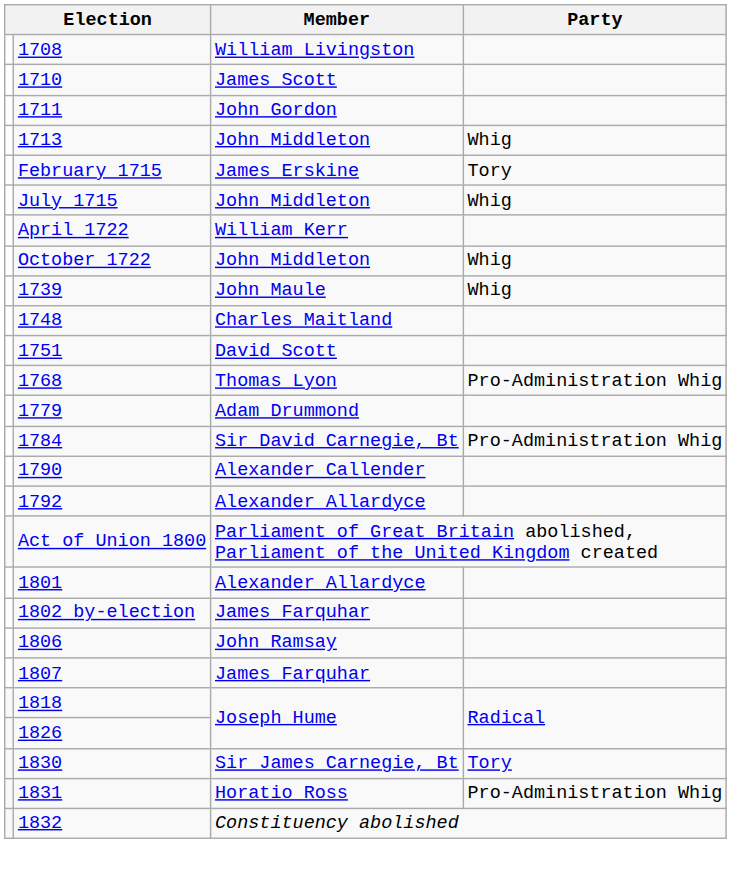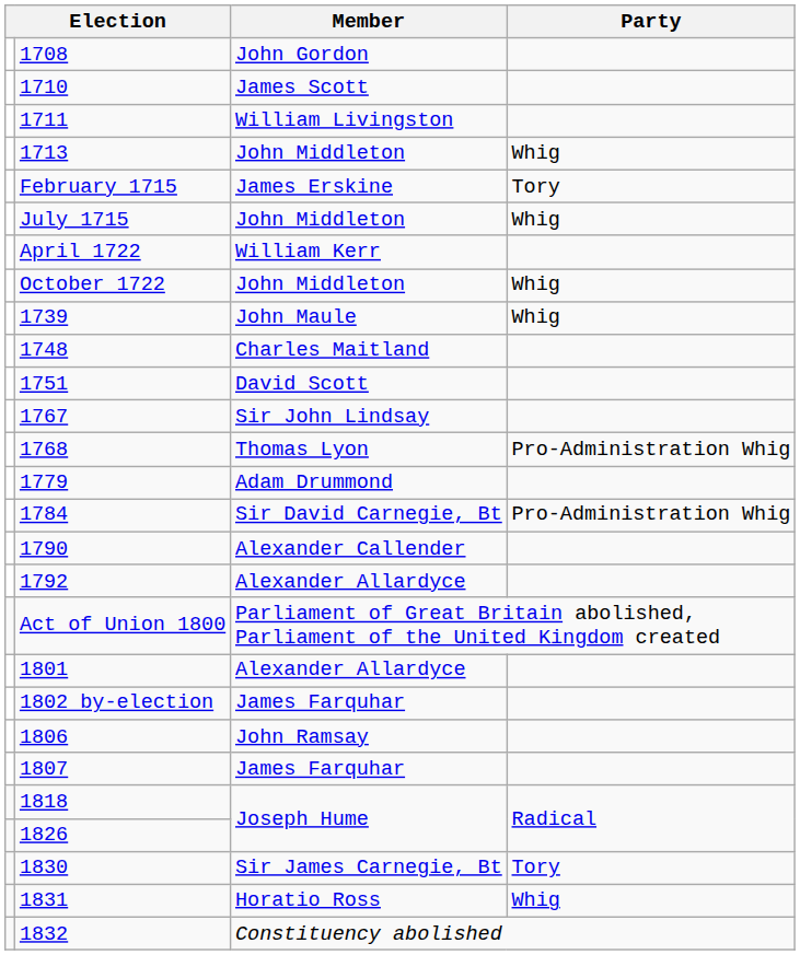 <table class="wikitable">
 <tr>
 <th colspan=2>Election</th>
 <th>Member</th>
 <th>Party</th>
 </tr>
 <tr>
 <td style="color:inherit;background-color: white"></td>
 <td><a href='#'>1708</a></td>
-<td><a href='#'>William Livingston</a></td>
+<td><a href='#'>John Gordon</a></td>
 <td></td>
 </tr>
 <tr>
 <td style="color:inherit;background-color: white"></td>
 <td><a href='#'>1710</a></td>
 <td><a href='#'>James Scott</a></td>
 <td></td>
 </tr>
 <tr>
 <td style="color:inherit;background-color: white"></td>
 <td><a href='#'>1711</a></td>
-<td><a href='#'>John Gordon</a></td>
+<td><a href='#'>William Livingston</a></td>
 <td></td>
 </tr>
 <tr>
 <td style="color:inherit;background-color: white"></td>
 <td><a href='#'>1713</a></td>
 <td><a href='#'>John Middleton</a></td>
 <td>Whig</td>
 </tr>
 <tr>
 <td style="color:inherit;background-color: white"></td>
 <td><a href='#'>February 1715</a></td>
 <td><a href='#'>James Erskine</a></td>
 <td>Tory</td>
 </tr>
 <tr>
 <td style="color:inherit;background-color: white"></td>
 <td><a href='#'>July 1715</a></td>
 <td><a href='#'>John Middleton</a></td>
 <td>Whig</td>
 </tr>
 <tr>
 <td style="color:inherit;background-color: white"></td>
 <td><a href='#'>April 1722</a></td>
 <td><a href='#'>William Kerr</a></td>
 <td></td>
 </tr>
 <tr>
 <td style="color:inherit;background-color: white"></td>
 <td><a href='#'>October 1722</a></td>
 <td><a href='#'>John Middleton</a></td>
 <td>Whig</td>
 </tr>
 <tr>
 <td style="color:inherit;background-color: white"></td>
 <td><a href='#'>1739</a></td>
 <td><a href='#'>John Maule</a></td>
 <td>Whig</td>
 </tr>
 <tr>
 <td style="color:inherit;background-color: white"></td>
 <td><a href='#'>1748</a></td>
 <td><a href='#'>Charles Maitland</a></td>
 <td></td>
 </tr>
 <tr>
 <td style="color:inherit;background-color: white"></td>
 <td><a href='#'>1751</a></td>
 <td><a href='#'>David Scott</a></td>
+<td></td>
+</tr>
+<tr>
+<td style="color:inherit;background-color: white"></td>
+<td><a href='#'>1767</a></td>
+<td><a href='#'>Sir John Lindsay</a></td>
 <td></td>
 </tr>
 <tr>
 <td style="color:inherit;background-color: white"></td>
 <td><a href='#'>1768</a></td>
 <td><a href='#'>Thomas Lyon</a></td>
 <td>Pro-Administration Whig</td>
 </tr>
 <tr>
 <td style="color:inherit;background-color: white"></td>
 <td><a href='#'>1779</a></td>
 <td><a href='#'>Adam Drummond</a></td>
 <td></td>
 </tr>
 <tr>
 <td style="color:inherit;background-color: white"></td>
 <td><a href='#'>1784</a></td>
 <td><a href='#'>Sir David Carnegie, Bt</a></td>
 <td>Pro-Administration Whig</td>
 </tr>
 <tr>
 <td style="color:inherit;background-color: white"></td>
 <td><a href='#'>1790</a></td>
 <td><a href='#'>Alexander Callender</a></td>
 <td></td>
 </tr>
 <tr>
 <td style="color:inherit;background-color: white"></td>
 <td><a href='#'>1792</a></td>
 <td><a href='#'>Alexander Allardyce</a></td>
 <td></td>
 </tr>
 <tr>
 <td></td>
 <td><a href='#'>Act of Union 1800</a></td>
 <td colspan="2"><a href='#'>Parliament of Great Britain</a> abolished,<br><a href='#'>Parliament of the United Kingdom</a> created</td>
 </tr>
 <tr>
 <td style="color:inherit;background-color: white"></td>
 <td><a href='#'>1801</a></td>
 <td><a href='#'>Alexander Allardyce</a></td>
 <td></td>
 </tr>
 <tr>
 <td style="color:inherit;background-color: white"></td>
 <td><a href='#'>1802 by-election</a></td>
 <td><a href='#'>James Farquhar</a></td>
 <td></td>
 </tr>
 <tr>
 <td style="color:inherit;background-color: white"></td>
 <td><a href='#'>1806</a></td>
 <td><a href='#'>John Ramsay</a></td>
 <td></td>
 </tr>
 <tr>
 <td style="color:inherit;background-color: white"></td>
 <td><a href='#'>1807</a></td>
 <td><a href='#'>James Farquhar</a></td>
 <td></td>
 </tr>
 <tr>
 <td style="color:inherit;background-color: "></td>
 <td><a href='#'>1818</a></td>
 <td rowspan="2"><a href='#'>Joseph Hume</a></td>
 <td rowspan="2"><a href='#'>Radical</a></td>
 </tr>
 <tr>
 <td style="color:inherit;background-color: "></td>
 <td><a href='#'>1826</a></td>
 </tr>
 <tr>
 <td style="color:inherit;background-color: "></td>
 <td><a href='#'>1830</a></td>
 <td><a href='#'>Sir James Carnegie, Bt</a></td>
 <td><a href='#'>Tory</a></td>
 </tr>
 <tr>
 <td style="color:inherit;background-color: "></td>
 <td><a href='#'>1831</a></td>
 <td><a href='#'>Horatio Ross</a></td>
-<td>Pro-Administration Whig</td>
+<td><a href='#'>Whig</a></td>
 </tr>
 <tr>
 <td></td>
 <td><a href='#'>1832</a></td>
 <td colspan="2"><em>Constituency abolished</em></td>
 </tr>
 </table>
